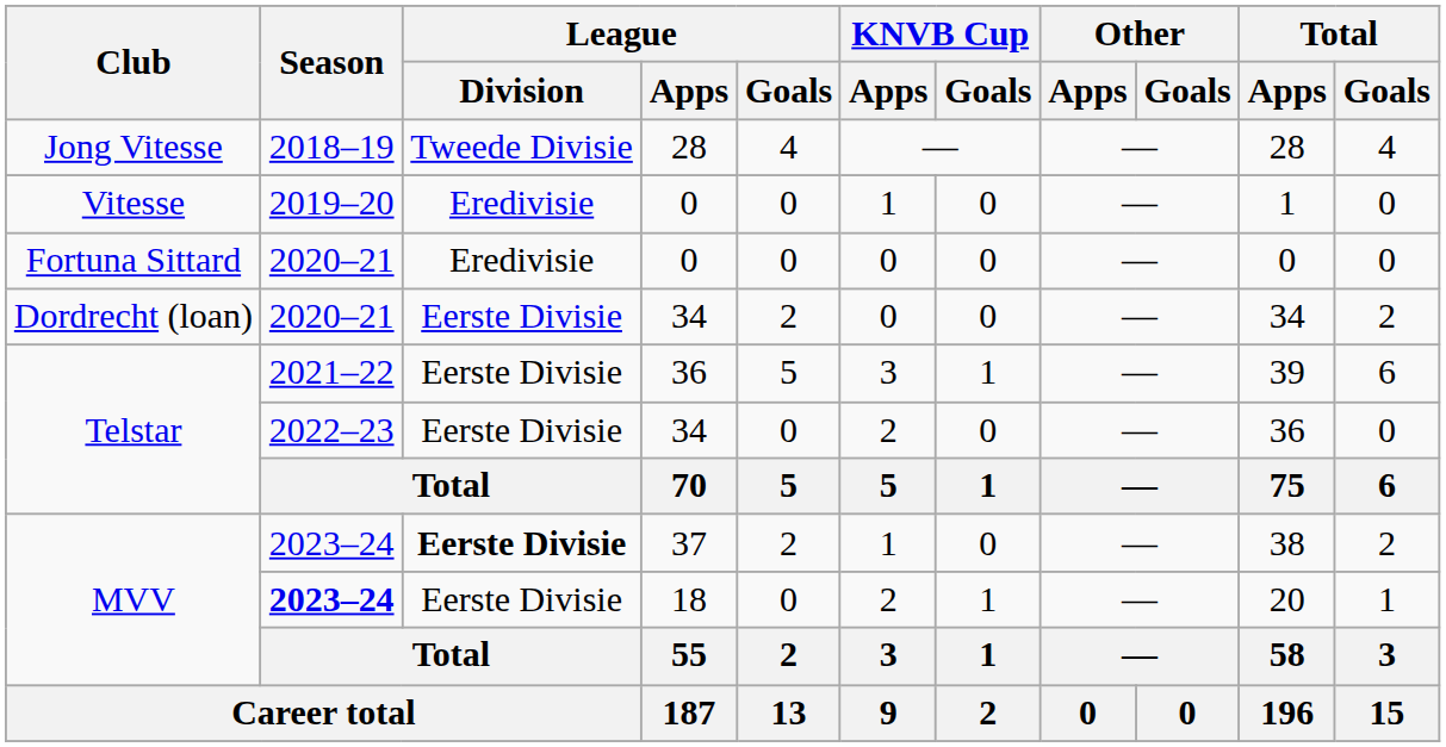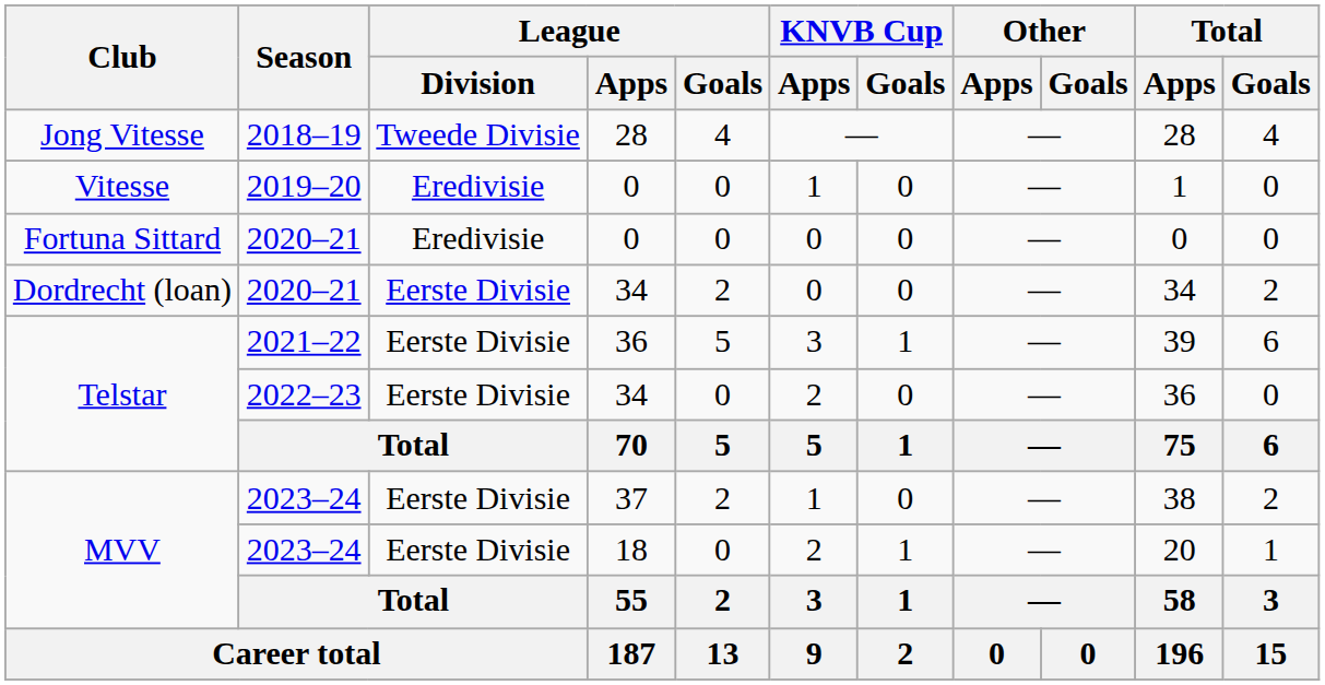 <table class="wikitable" style="text-align:center">
 <tr>
 <th rowspan="2">Club</th>
 <th rowspan="2">Season</th>
 <th colspan="3">League</th>
 <th colspan="2"><a href='#'>KNVB Cup</a></th>
 <th colspan="2">Other</th>
 <th colspan="2">Total</th>
 </tr>
 <tr>
 <th>Division</th>
 <th>Apps</th>
 <th>Goals</th>
 <th>Apps</th>
 <th>Goals</th>
 <th>Apps</th>
 <th>Goals</th>
 <th>Apps</th>
 <th>Goals</th>
 </tr>
 <tr>
 <td><a href='#'>Jong Vitesse</a></td>
 <td><a href='#'>2018–19</a></td>
 <td><a href='#'>Tweede Divisie</a></td>
 <td>28</td>
 <td>4</td>
 <td colspan="2">—</td>
 <td colspan="2">—</td>
 <td>28</td>
 <td>4</td>
 </tr>
 <tr>
 <td><a href='#'>Vitesse</a></td>
 <td><a href='#'>2019–20</a></td>
 <td><a href='#'>Eredivisie</a></td>
 <td>0</td>
 <td>0</td>
 <td>1</td>
 <td>0</td>
 <td colspan="2">—</td>
 <td>1</td>
 <td>0</td>
 </tr>
 <tr>
 <td><a href='#'>Fortuna Sittard</a></td>
 <td><a href='#'>2020–21</a></td>
 <td>Eredivisie</td>
 <td>0</td>
 <td>0</td>
 <td>0</td>
 <td>0</td>
 <td colspan="2">—</td>
 <td>0</td>
 <td>0</td>
 </tr>
 <tr>
 <td><a href='#'>Dordrecht</a> (loan)</td>
 <td><a href='#'>2020–21</a></td>
 <td><a href='#'>Eerste Divisie</a></td>
 <td>34</td>
 <td>2</td>
 <td>0</td>
 <td>0</td>
 <td colspan="2">—</td>
 <td>34</td>
 <td>2</td>
 </tr>
 <tr>
 <td rowspan="3"><a href='#'>Telstar</a></td>
 <td><a href='#'>2021–22</a></td>
 <td>Eerste Divisie</td>
 <td>36</td>
 <td>5</td>
 <td>3</td>
 <td>1</td>
 <td colspan="2">—</td>
 <td>39</td>
 <td>6</td>
 </tr>
 <tr>
 <td><a href='#'>2022–23</a></td>
 <td>Eerste Divisie</td>
 <td>34</td>
 <td>0</td>
 <td>2</td>
 <td>0</td>
 <td colspan="2">—</td>
 <td>36</td>
 <td>0</td>
 </tr>
 <tr>
 <th colspan="2">Total</th>
 <th>70</th>
 <th>5</th>
 <th>5</th>
 <th>1</th>
 <th colspan="2">—</th>
 <th>75</th>
 <th>6</th>
 </tr>
 <tr>
 <td rowspan="3"><a href='#'>MVV</a></td>
 <td><a href='#'>2023–24</a></td>
-<td><strong>Eerste Divisie</strong></td>
+<td>Eerste Divisie</td>
 <td>37</td>
 <td>2</td>
 <td>1</td>
 <td>0</td>
 <td colspan="2">—</td>
 <td>38</td>
 <td>2</td>
 </tr>
 <tr>
-<td><strong><a href='#'>2023–24</a></strong></td>
+<td><a href='#'>2023–24</a></td>
 <td>Eerste Divisie</td>
 <td>18</td>
 <td>0</td>
 <td>2</td>
 <td>1</td>
 <td colspan="2">—</td>
 <td>20</td>
 <td>1</td>
 </tr>
 <tr>
 <th colspan="2">Total</th>
 <th>55</th>
 <th>2</th>
 <th>3</th>
 <th>1</th>
 <th colspan="2">—</th>
 <th>58</th>
 <th>3</th>
 </tr>
 <tr>
 <th colspan="3">Career total</th>
 <th>187</th>
 <th>13</th>
 <th>9</th>
 <th>2</th>
 <th>0</th>
 <th>0</th>
 <th>196</th>
 <th>15</th>
 </tr>
 </table>
